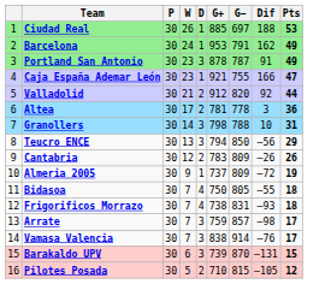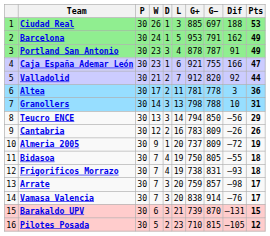 <table class="wikitable sortable" style="text-align: center;">
 <tr>
 <th align="center"></th>
 <th align="center">Team</th>
 <th align="center">P</th>
 <th align="center">W</th>
 <th align="center">D</th>
+<th align="center">L</th>
 <th align="center">G+</th>
 <th align="center">G−</th>
 <th align="center">Dif</th>
 <th align="center">Pts</th>
 </tr>
 <tr style="background: #90EE90;">
 <td>1</td>
 <td align="left"><strong><a href='#'>Ciudad Real</a></strong></td>
 <td>30</td>
 <td>26</td>
 <td>1</td>
+<td>3</td>
 <td>885</td>
 <td>697</td>
 <td>188</td>
 <td><strong>53</strong></td>
 </tr>
 <tr style="background: #90EE90;">
 <td>2</td>
 <td align="left"><strong><a href='#'>Barcelona</a></strong></td>
 <td>30</td>
 <td>24</td>
 <td>1</td>
+<td>5</td>
 <td>953</td>
 <td>791</td>
 <td>162</td>
 <td><strong>49</strong></td>
 </tr>
 <tr style="background: #90EE90;">
 <td>3</td>
 <td align="left"><strong><a href='#'>Portland San Antonio</a></strong></td>
 <td>30</td>
 <td>23</td>
 <td>3</td>
+<td>4</td>
 <td>878</td>
 <td>787</td>
 <td>91</td>
 <td><strong>49</strong></td>
 </tr>
 <tr style="background: #ccccff;">
 <td>4</td>
 <td align="left"><strong><a href='#'>Caja España Ademar León</a></strong></td>
 <td>30</td>
 <td>23</td>
 <td>1</td>
+<td>6</td>
 <td>921</td>
 <td>755</td>
 <td>166</td>
 <td><strong>47</strong></td>
 </tr>
 <tr style="background: #ccccff;">
 <td>5</td>
 <td align="left"><strong><a href='#'>Valladolid</a></strong></td>
 <td>30</td>
 <td>21</td>
 <td>2</td>
+<td>7</td>
 <td>912</td>
 <td>820</td>
 <td>92</td>
 <td><strong>44</strong></td>
 </tr>
 <tr style="background: #97DEFF;">
 <td>6</td>
 <td align="left"><strong><a href='#'>Altea</a></strong></td>
 <td>30</td>
 <td>17</td>
 <td>2</td>
+<td>11</td>
 <td>781</td>
 <td>778</td>
 <td>3</td>
 <td><strong>36</strong></td>
 </tr>
 <tr style="background: #97DEFF;">
 <td>7</td>
 <td align="left"><strong><a href='#'>Granollers</a></strong></td>
 <td>30</td>
 <td>14</td>
 <td>3</td>
+<td>13</td>
 <td>798</td>
 <td>788</td>
 <td>10</td>
 <td><strong>31</strong></td>
 </tr>
 <tr style="background:">
 <td>8</td>
 <td align="left"><strong><a href='#'>Teucro ENCE</a></strong></td>
 <td>30</td>
 <td>13</td>
 <td>3</td>
+<td>14</td>
 <td>794</td>
 <td>850</td>
 <td>–56</td>
 <td><strong>29</strong></td>
 </tr>
 <tr style="background:">
 <td>9</td>
 <td align="left"><strong><a href='#'>Cantabria</a></strong></td>
 <td>30</td>
 <td>12</td>
 <td>2</td>
+<td>16</td>
 <td>783</td>
 <td>809</td>
 <td>–26</td>
 <td><strong>26</strong></td>
 </tr>
 <tr style="background:">
 <td>10</td>
 <td align="left"><strong><a href='#'>Almeria 2005</a></strong></td>
 <td>30</td>
 <td>9</td>
 <td>1</td>
+<td>20</td>
 <td>737</td>
 <td>809</td>
 <td>–72</td>
 <td><strong>19</strong></td>
 </tr>
 <tr style="background:">
 <td>11</td>
 <td align="left"><strong><a href='#'>Bidasoa</a></strong></td>
 <td>30</td>
 <td>7</td>
 <td>4</td>
+<td>19</td>
 <td>750</td>
 <td>805</td>
 <td>–55</td>
 <td><strong>18</strong></td>
 </tr>
 <tr style="background:">
 <td>12</td>
 <td align="left"><strong><a href='#'>Frigorificos Morrazo</a></strong></td>
 <td>30</td>
 <td>7</td>
 <td>4</td>
+<td>19</td>
 <td>738</td>
 <td>831</td>
 <td>–93</td>
 <td><strong>18</strong></td>
 </tr>
 <tr style="background:">
 <td>13</td>
 <td align="left"><strong><a href='#'>Arrate</a></strong></td>
 <td>30</td>
 <td>7</td>
 <td>3</td>
+<td>20</td>
 <td>759</td>
 <td>857</td>
 <td>–98</td>
 <td><strong>17</strong></td>
 </tr>
 <tr style="background:">
 <td>14</td>
 <td align="left"><strong><a href='#'>Vamasa Valencia</a></strong></td>
 <td>30</td>
 <td>7</td>
 <td>3</td>
+<td>20</td>
 <td>838</td>
 <td>914</td>
 <td>–76</td>
 <td><strong>17</strong></td>
 </tr>
 <tr style="background: #FFCCCC;">
 <td>15</td>
 <td align="left"><strong><a href='#'>Barakaldo UPV</a></strong></td>
 <td>30</td>
 <td>6</td>
 <td>3</td>
+<td>21</td>
 <td>739</td>
 <td>870</td>
 <td>–131</td>
 <td><strong>15</strong></td>
 </tr>
 <tr style="background: #FFCCCC;">
 <td>16</td>
 <td align="left"><strong><a href='#'>Pilotes Posada</a></strong></td>
 <td>30</td>
 <td>5</td>
 <td>2</td>
+<td>23</td>
 <td>710</td>
 <td>815</td>
 <td>–105</td>
 <td><strong>12</strong></td>
 </tr>
 </table>
